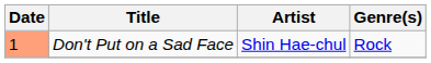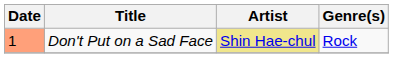 <table class="wikitable" style="text-align: left;">
 <tr>
 <th>Date</th>
 <th>Title</th>
 <th>Artist</th>
 <th>Genre(s)</th>
 </tr>
 <tr>
 <td style="background: lightsalmon;">1</td>
 <td><em>Don't Put on a Sad Face</em></td>
-<td><a href='#'>Shin Hae-chul</a></td>
+<td style="background: khaki;"><a href='#'>Shin Hae-chul</a></td>
 <td><a href='#'>Rock</a></td>
 </tr>
 <tr>
 </tr>
 </table>
